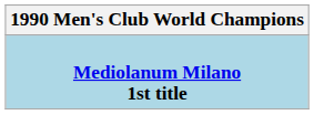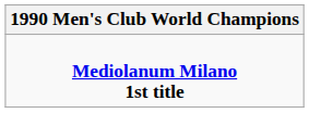 <table class="wikitable" style="text-align:center; margin:auto">
 <tr>
 <th>1990 Men's Club World Champions</th>
 </tr>
 <tr>
-<td style="background: lightblue;"><br><strong><a href='#'>Mediolanum Milano</a></strong><br><strong>1st title</strong></td>
+<td><br><strong><a href='#'>Mediolanum Milano</a></strong><br><strong>1st title</strong></td>
 </tr>
 </table>
